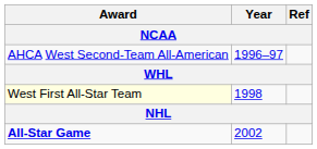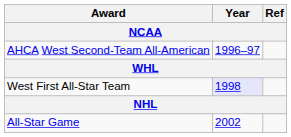 <table class="wikitable">
 <tr>
 <th>Award</th>
 <th>Year</th>
 <th>Ref</th>
 </tr>
 <tr>
 <th colspan="3"><a href='#'>NCAA</a></th>
 </tr>
 <tr>
 <td><a href='#'>AHCA</a> <a href='#'>West Second-Team All-American</a></td>
 <td><a href='#'>1996–97</a></td>
 <td></td>
 </tr>
 <tr>
 <th colspan="3"><a href='#'>WHL</a></th>
 </tr>
 <tr>
-<td style="background: lightyellow;">West First All-Star Team</td>
-<td><a href='#'>1998</a></td>
+<td>West First All-Star Team</td>
+<td style="background: lavender;"><a href='#'>1998</a></td>
 <td></td>
 </tr>
 <tr>
 <th colspan="3"><a href='#'>NHL</a></th>
 </tr>
 <tr>
-<td><strong><a href='#'>All-Star Game</a></strong></td>
+<td><a href='#'>All-Star Game</a></td>
 <td><a href='#'>2002</a></td>
 <td></td>
 </tr>
 </table>
